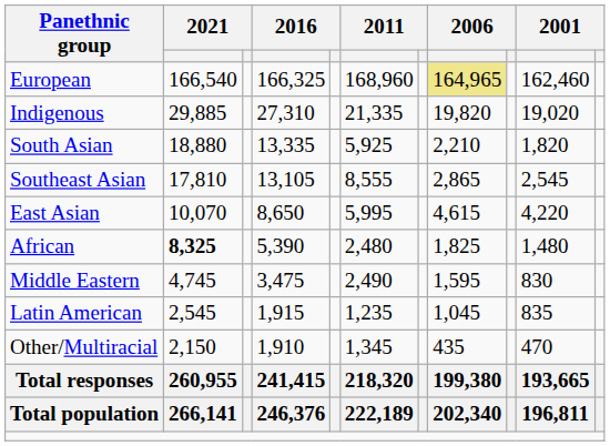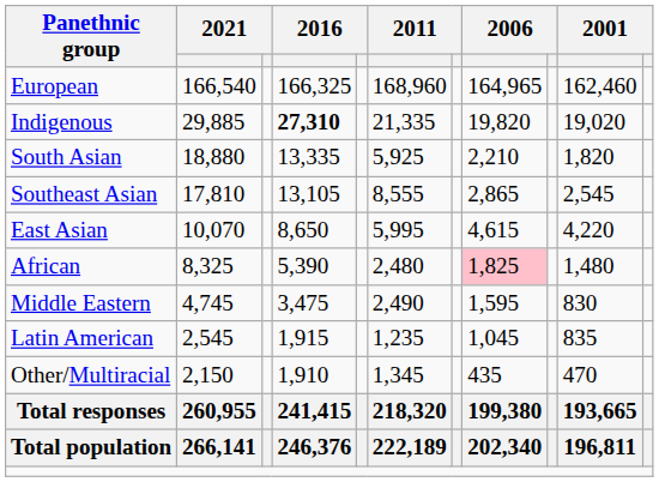 <table class="wikitable collapsible sortable">
 <tr>
 <th rowspan="2"><a href='#'>Panethnic</a><br>group</th>
 <th colspan="2">2021</th>
 <th colspan="2">2016</th>
 <th colspan="2">2011</th>
 <th colspan="2">2006</th>
 <th colspan="2">2001</th>
 </tr>
 <tr>
 <th><a href='#'></a></th>
 <th></th>
 <th></th>
 <th></th>
 <th></th>
 <th></th>
 <th></th>
 <th></th>
 <th></th>
 <th></th>
 </tr>
 <tr>
 <td><a href='#'>European</a></td>
 <td>166,540</td>
 <td></td>
 <td>166,325</td>
 <td></td>
 <td>168,960</td>
 <td></td>
-<td style="background: khaki;">164,965</td>
+<td>164,965</td>
 <td></td>
 <td>162,460</td>
 <td></td>
 </tr>
 <tr>
 <td><a href='#'>Indigenous</a></td>
 <td>29,885</td>
 <td></td>
-<td>27,310</td>
+<td><strong>27,310</strong></td>
 <td></td>
 <td>21,335</td>
 <td></td>
 <td>19,820</td>
 <td></td>
 <td>19,020</td>
 <td></td>
 </tr>
 <tr>
 <td><a href='#'>South Asian</a></td>
 <td>18,880</td>
 <td></td>
 <td>13,335</td>
 <td></td>
 <td>5,925</td>
 <td></td>
 <td>2,210</td>
 <td></td>
 <td>1,820</td>
 <td></td>
 </tr>
 <tr>
 <td><a href='#'>Southeast Asian</a></td>
 <td>17,810</td>
 <td></td>
 <td>13,105</td>
 <td></td>
 <td>8,555</td>
 <td></td>
 <td>2,865</td>
 <td></td>
 <td>2,545</td>
 <td></td>
 </tr>
 <tr>
 <td><a href='#'>East Asian</a></td>
 <td>10,070</td>
 <td></td>
 <td>8,650</td>
 <td></td>
 <td>5,995</td>
 <td></td>
 <td>4,615</td>
 <td></td>
 <td>4,220</td>
 <td></td>
 </tr>
 <tr>
 <td><a href='#'>African</a></td>
-<td><strong>8,325</strong></td>
+<td>8,325</td>
 <td></td>
 <td>5,390</td>
 <td></td>
 <td>2,480</td>
 <td></td>
-<td>1,825</td>
+<td style="background: pink;">1,825</td>
 <td></td>
 <td>1,480</td>
 <td></td>
 </tr>
 <tr>
 <td><a href='#'>Middle Eastern</a></td>
 <td>4,745</td>
 <td></td>
 <td>3,475</td>
 <td></td>
 <td>2,490</td>
 <td></td>
 <td>1,595</td>
 <td></td>
 <td>830</td>
 <td></td>
 </tr>
 <tr>
 <td><a href='#'>Latin American</a></td>
 <td>2,545</td>
 <td></td>
 <td>1,915</td>
 <td></td>
 <td>1,235</td>
 <td></td>
 <td>1,045</td>
 <td></td>
 <td>835</td>
 <td></td>
 </tr>
 <tr>
 <td>Other/<a href='#'>Multiracial</a></td>
 <td>2,150</td>
 <td></td>
 <td>1,910</td>
 <td></td>
 <td>1,345</td>
 <td></td>
 <td>435</td>
 <td></td>
 <td>470</td>
 <td></td>
 </tr>
 <tr>
 <th>Total responses</th>
 <th>260,955</th>
 <th></th>
 <th>241,415</th>
 <th></th>
 <th>218,320</th>
 <th></th>
 <th>199,380</th>
 <th></th>
 <th>193,665</th>
 <th></th>
 </tr>
 <tr>
 <th>Total population</th>
 <th>266,141</th>
 <th></th>
 <th>246,376</th>
 <th></th>
 <th>222,189</th>
 <th></th>
 <th>202,340</th>
 <th></th>
 <th>196,811</th>
 <th></th>
 </tr>
 <tr class="sortbottom">
 <td colspan="15"></td>
 </tr>
 </table>
